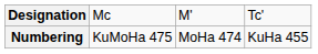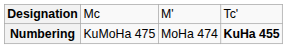 <table class="wikitable">
 <tr>
 <th>Designation</th>
 <td>Mc</td>
 <td>M'</td>
 <td>Tc'</td>
 </tr>
 <tr>
 <th>Numbering</th>
 <td>KuMoHa 475</td>
 <td>MoHa 474</td>
-<td>KuHa 455</td>
+<td><strong>KuHa 455</strong></td>
 </tr>
 </table>
